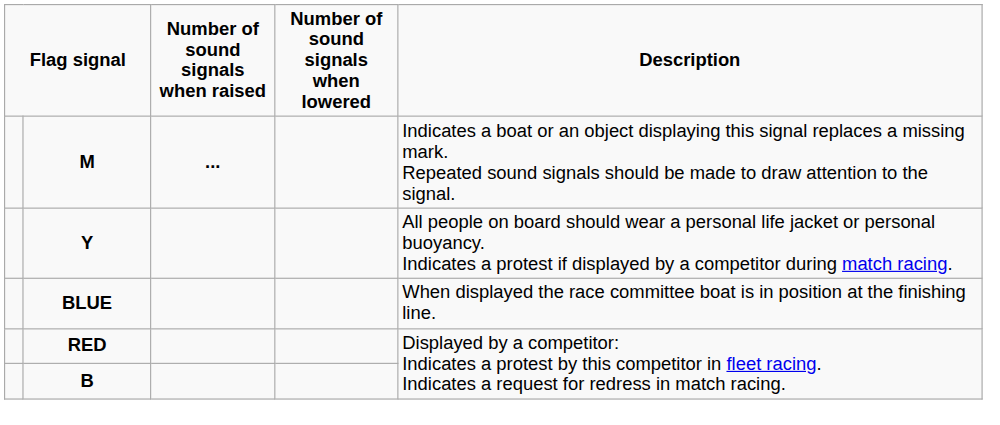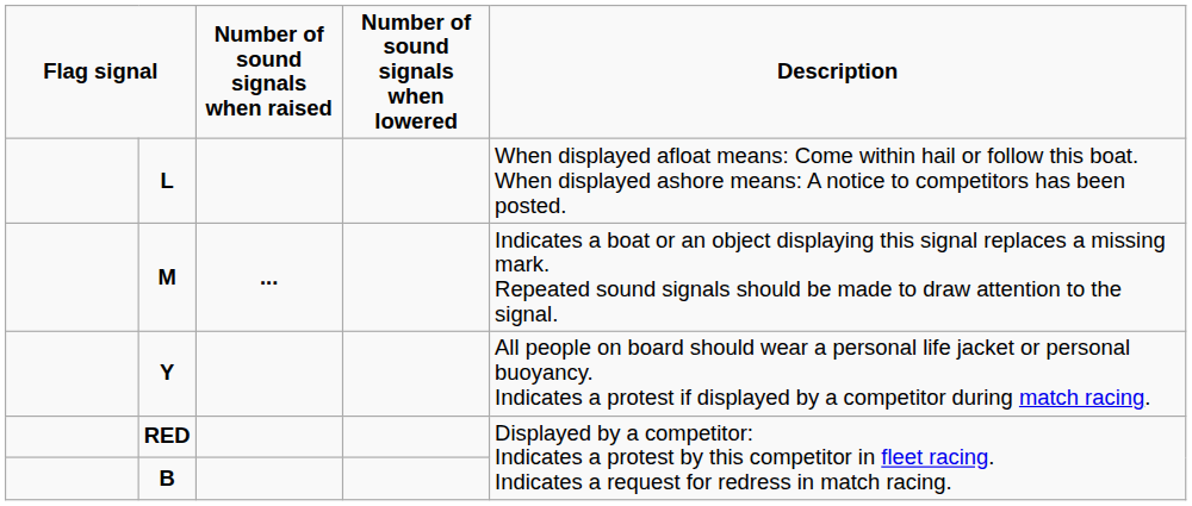 <table class="wikitable">
 <tr style="text-align: center; font-weight: bold;">
 <td colspan="2" width="120px">Flag signal</td>
 <td width="100px">Number of sound signals when raised</td>
 <td width="100px">Number of sound signals when lowered</td>
 <td width="500px">Description</td>
+</tr>
+<tr>
+<td width="90px"></td>
+<td width="30px" align="center"><strong>L</strong></td>
+<td></td>
+<td></td>
+<td>When displayed afloat means: Come within hail or follow this boat.<br>When displayed ashore means: A notice to competitors has been posted.</td>
 </tr>
 <tr>
 <td></td>
 <td align="center"><strong>M</strong></td>
 <td align="center"> <strong>...</strong> </td>
 <td></td>
 <td>Indicates a boat or an object displaying this signal replaces a missing mark.<br>Repeated sound signals should be made to draw attention to the signal.</td>
 </tr>
 <tr>
 <td></td>
 <td align="center"><strong>Y</strong></td>
 <td></td>
 <td></td>
 <td>All people on board should wear a personal life jacket or personal buoyancy.<br>Indicates a protest if displayed by a competitor during <a href='#'>match racing</a>.</td>
 </tr>
 <tr>
 <td></td>
-<td align="center"><strong>BLUE</strong></td>
-<td></td>
-<td></td>
-<td>When displayed the race committee boat is in position at the finishing line.</td>
-</tr>
-<tr>
-<td></td>
 <td align="center"><strong>RED</strong></td>
 <td></td>
 <td></td>
 <td rowspan=2>Displayed by a competitor:<br>Indicates a protest by this competitor in <a href='#'>fleet racing</a>.<br> Indicates a request for redress in match racing.</td>
 </tr>
 <tr>
 <td></td>
 <td align="center"><strong>B</strong></td>
 <td></td>
 <td></td>
 </tr>
 </table>
